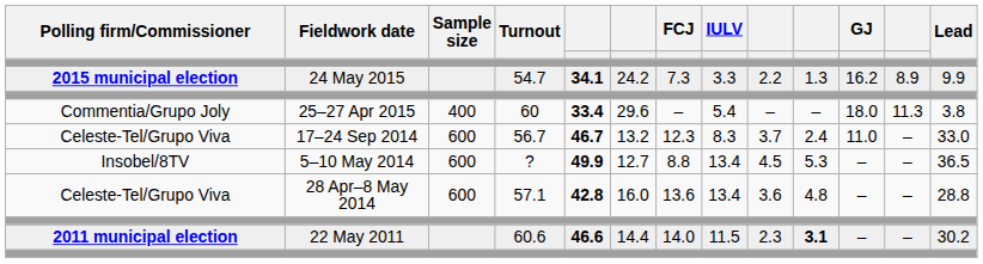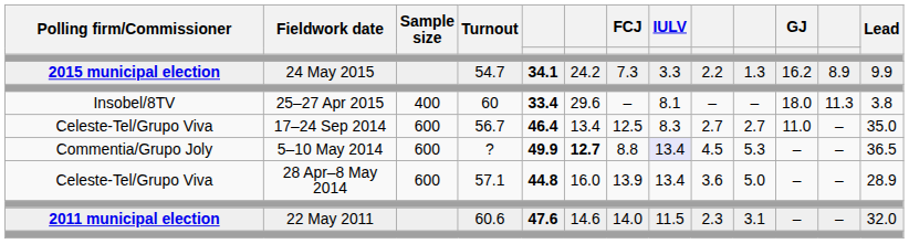 <table class="wikitable collapsible collapsed" style="text-align:center; font-size:95%; line-height:16px;">
 <tr style="height:42px;">
 <th style="width:250px;" rowspan="2">Polling firm/Commissioner</th>
 <th style="width:125px;" rowspan="2">Fieldwork date</th>
 <th style="width:50px;" rowspan="2">Sample size</th>
 <th style="width:45px;" rowspan="2">Turnout</th>
 <th style="width:35px;"></th>
 <th style="width:35px;"></th>
 <th style="width:35px;">FCJ</th>
 <th style="width:35px;"><a href='#'>IULV</a></th>
 <th style="width:35px;"></th>
 <th style="width:35px;"></th>
 <th style="width:35px;">GJ</th>
 <th style="width:35px;"></th>
 <th style="width:30px;" rowspan="2">Lead</th>
 </tr>
 <tr>
 <th style="color:inherit;background:"></th>
 <th style="color:inherit;background:"></th>
 <th style="color:inherit;background:"></th>
 <th style="color:inherit;background:"></th>
 <th style="color:inherit;background:"></th>
 <th style="color:inherit;background:"></th>
 <th style="color:inherit;background:"></th>
 <th style="color:inherit;background:"></th>
 </tr>
 <tr>
 <td colspan="13" style="background:#A0A0A0"></td>
 </tr>
 <tr style="background:#EFEFEF;">
 <td><strong><a href='#'>2015 municipal election</a></strong></td>
 <td>24 May 2015</td>
 <td></td>
 <td>54.7</td>
 <td><strong>34.1</strong><br></td>
 <td>24.2<br></td>
 <td>7.3<br></td>
 <td>3.3<br></td>
 <td>2.2<br></td>
 <td>1.3<br></td>
 <td>16.2<br></td>
 <td>8.9<br></td>
 <td style="background:">9.9</td>
 </tr>
 <tr>
 <td colspan="13" style="background:#A0A0A0"></td>
 </tr>
 <tr>
-<td>Commentia/Grupo Joly</td>
+<td>Insobel/8TV</td>
 <td>25–27 Apr 2015</td>
 <td>400</td>
 <td>60</td>
 <td><strong>33.4</strong><br></td>
 <td>29.6<br></td>
 <td>–</td>
-<td>5.4<br></td>
+<td>8.1<br></td>
 <td>–</td>
 <td>–</td>
 <td>18.0<br></td>
 <td>11.3<br></td>
 <td style="background:">3.8</td>
 </tr>
 <tr>
 <td>Celeste-Tel/Grupo Viva</td>
 <td>17–24 Sep 2014</td>
 <td>600</td>
 <td>56.7</td>
-<td><strong>46.7</strong><br></td>
-<td>13.2<br></td>
-<td>12.3<br></td>
+<td><strong>46.4</strong><br></td>
+<td>13.4<br></td>
+<td>12.5<br></td>
 <td>8.3<br></td>
-<td>3.7<br></td>
-<td>2.4<br></td>
+<td>2.7<br></td>
+<td>2.7<br></td>
 <td>11.0<br></td>
 <td>–</td>
-<td style="background:">33.0</td>
+<td style="background:">35.0</td>
 </tr>
 <tr>
-<td>Insobel/8TV</td>
+<td>Commentia/Grupo Joly</td>
 <td>5–10 May 2014</td>
 <td>600</td>
 <td>?</td>
 <td><strong>49.9</strong><br></td>
-<td>12.7<br></td>
+<td><strong>12.7<br></strong></td>
 <td>8.8<br></td>
-<td>13.4<br></td>
+<td style="background: lavender;">13.4<br></td>
 <td>4.5<br></td>
 <td>5.3<br></td>
 <td>–</td>
 <td>–</td>
 <td style="background:">36.5</td>
 </tr>
 <tr>
 <td>Celeste-Tel/Grupo Viva</td>
 <td>28 Apr–8 May 2014</td>
 <td>600</td>
 <td>57.1</td>
-<td><strong>42.8</strong><br></td>
+<td><strong>44.8</strong><br></td>
 <td>16.0<br></td>
-<td>13.6<br></td>
+<td>13.9<br></td>
 <td>13.4<br></td>
 <td>3.6<br></td>
-<td>4.8<br></td>
+<td>5.0<br></td>
 <td>–</td>
 <td>–</td>
-<td style="background:">28.8</td>
+<td style="background:">28.9</td>
 </tr>
 <tr>
 <td colspan="13" style="background:#A0A0A0"></td>
 </tr>
 <tr style="background:#EFEFEF;">
 <td><strong><a href='#'>2011 municipal election</a></strong></td>
 <td>22 May 2011</td>
 <td></td>
 <td>60.6</td>
-<td><strong>46.6</strong><br></td>
-<td>14.4<br></td>
+<td><strong>47.6</strong><br></td>
+<td>14.6<br></td>
 <td>14.0<br></td>
 <td>11.5<br></td>
 <td>2.3<br></td>
-<td><strong>3.1<br></strong></td>
+<td>3.1<br></td>
 <td>–</td>
 <td>–</td>
-<td style="background:">30.2</td>
+<td style="background:">32.0</td>
 </tr>
 <tr>
 <td colspan="13" style="background:#A0A0A0"></td>
 </tr>
 </table>
